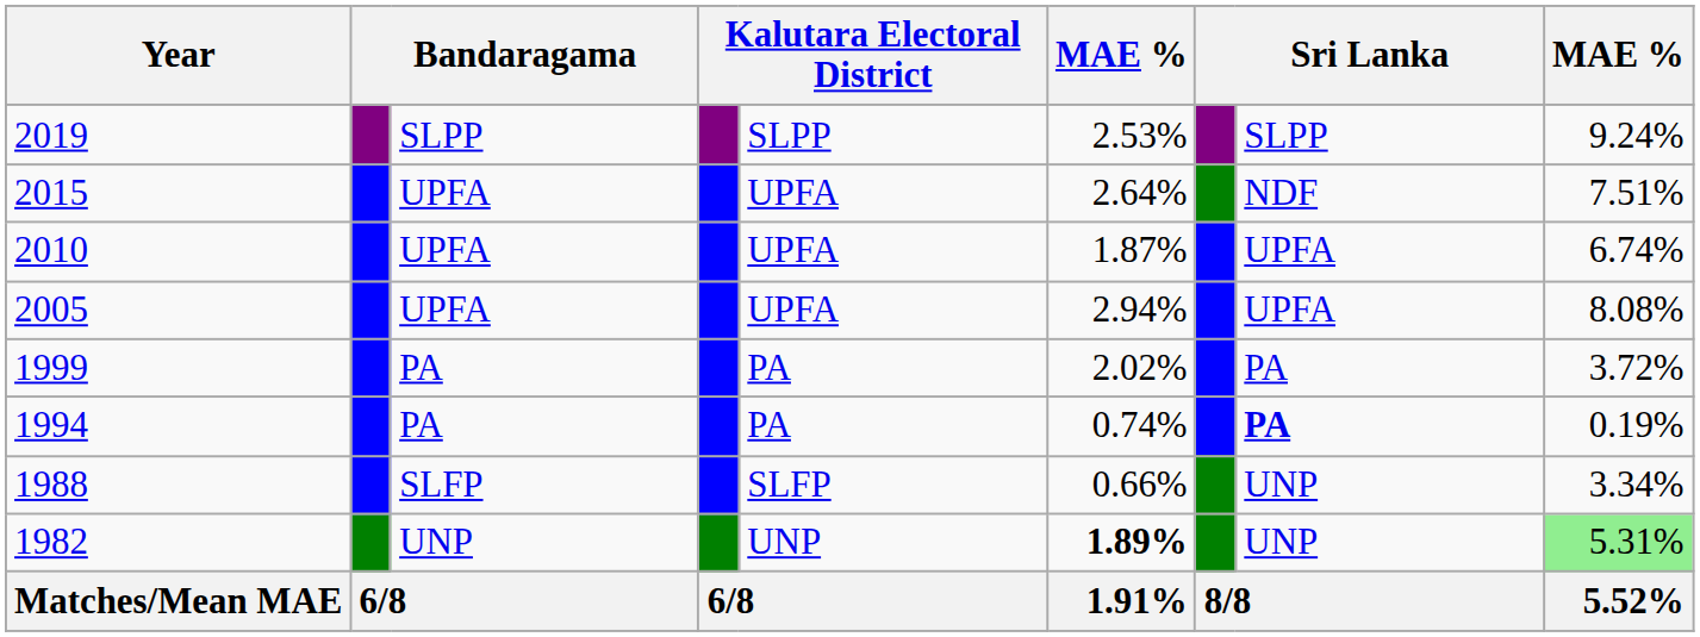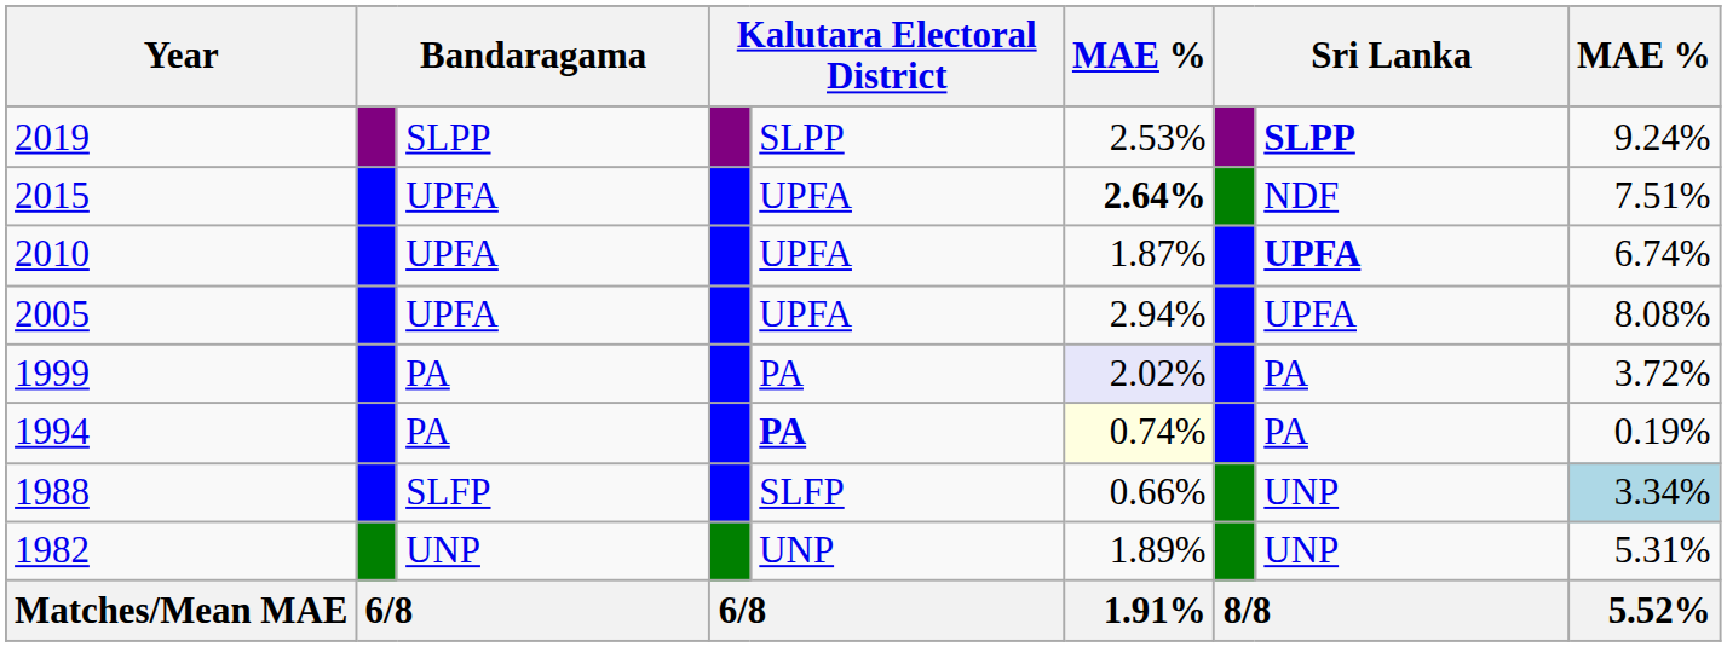 <table class="wikitable">
 <tr>
 <th>Year</th>
 <th colspan="2" width="144px">Bandaragama</th>
 <th colspan="2" width="144px"><a href='#'>Kalutara Electoral District</a></th>
 <th><a href='#'>MAE</a> %</th>
 <th colspan="2" width="144px">Sri Lanka</th>
 <th>MAE %</th>
 </tr>
 <tr>
 <td><a href='#'>2019</a></td>
 <td style="background-color:purple;" width="10px"></td>
 <td style="text-align:left;"><a href='#'>SLPP</a></td>
 <td style="background-color:purple;" width="10px"></td>
 <td style="text-align:left;"><a href='#'>SLPP</a></td>
 <td style="text-align:right;">2.53%</td>
 <td style="background-color:purple;" width="10px"></td>
-<td style="text-align:left;"><a href='#'>SLPP</a></td>
+<td style="text-align:left;"><strong><a href='#'>SLPP</a></strong></td>
 <td style="text-align:right;">9.24%</td>
 </tr>
 <tr>
 <td><a href='#'>2015</a></td>
 <td style="background-color:blue;" width="10px"></td>
 <td style="text-align:left;"><a href='#'>UPFA</a></td>
 <td style="background-color:blue;" width="10px"></td>
 <td style="text-align:left;"><a href='#'>UPFA</a></td>
-<td style="text-align:right;">2.64%</td>
+<td style="text-align:right;"><strong>2.64%</strong></td>
 <td style="background-color:green;" width="10px"></td>
 <td style="text-align:left;"><a href='#'>NDF</a></td>
 <td style="text-align:right;">7.51%</td>
 </tr>
 <tr>
 <td><a href='#'>2010</a></td>
 <td style="background-color:blue;" width="10px"></td>
 <td style="text-align:left;"><a href='#'>UPFA</a></td>
 <td style="background-color:blue;" width="10px"></td>
 <td style="text-align:left;"><a href='#'>UPFA</a></td>
 <td style="text-align:right;">1.87%</td>
 <td style="background-color:blue;" width="10px"></td>
-<td style="text-align:left;"><a href='#'>UPFA</a></td>
+<td style="text-align:left;"><strong><a href='#'>UPFA</a></strong></td>
 <td style="text-align:right;">6.74%</td>
 </tr>
 <tr>
 <td><a href='#'>2005</a></td>
 <td style="background-color:blue;" width="10px"></td>
 <td style="text-align:left;"><a href='#'>UPFA</a></td>
 <td style="background-color:blue;" width="10px"></td>
 <td style="text-align:left;"><a href='#'>UPFA</a></td>
 <td style="text-align:right;">2.94%</td>
 <td style="background-color:blue;" width="10px"></td>
 <td style="text-align:left;"><a href='#'>UPFA</a></td>
 <td style="text-align:right;">8.08%</td>
 </tr>
 <tr>
 <td><a href='#'>1999</a></td>
 <td style="background-color:blue;" width="10px"></td>
 <td style="text-align:left;"><a href='#'>PA</a></td>
 <td style="background-color:blue;" width="10px"></td>
 <td style="text-align:left;"><a href='#'>PA</a></td>
-<td style="text-align:right;">2.02%</td>
+<td style="background: lavender; text-align:right;">2.02%</td>
 <td style="background-color:blue;" width="10px"></td>
 <td style="text-align:left;"><a href='#'>PA</a></td>
 <td style="text-align:right;">3.72%</td>
 </tr>
 <tr>
 <td><a href='#'>1994</a></td>
 <td style="background-color:blue;" width="10px"></td>
 <td style="text-align:left;"><a href='#'>PA</a></td>
 <td style="background-color:blue;" width="10px"></td>
+<td style="text-align:left;"><strong><a href='#'>PA</a></strong></td>
+<td style="background: lightyellow; text-align:right;">0.74%</td>
+<td style="background-color:blue;" width="10px"></td>
 <td style="text-align:left;"><a href='#'>PA</a></td>
-<td style="text-align:right;">0.74%</td>
-<td style="background-color:blue;" width="10px"></td>
-<td style="text-align:left;"><strong><a href='#'>PA</a></strong></td>
 <td style="text-align:right;">0.19%</td>
 </tr>
 <tr>
 <td><a href='#'>1988</a></td>
 <td style="background-color:blue;" width="10px"></td>
 <td style="text-align:left;"><a href='#'>SLFP</a></td>
 <td style="background-color:blue;" width="10px"></td>
 <td style="text-align:left;"><a href='#'>SLFP</a></td>
 <td style="text-align:right;">0.66%</td>
 <td style="background-color:green;" width="10px"></td>
 <td style="text-align:left;"><a href='#'>UNP</a></td>
-<td style="text-align:right;">3.34%</td>
+<td style="background: lightblue; text-align:right;">3.34%</td>
 </tr>
 <tr>
 <td><a href='#'>1982</a></td>
 <td style="background-color:green;" width="10px"></td>
 <td style="text-align:left;"><a href='#'>UNP</a></td>
 <td style="background-color:green;" width="10px"></td>
 <td style="text-align:left;"><a href='#'>UNP</a></td>
-<td style="text-align:right;"><strong>1.89%</strong></td>
+<td style="text-align:right;">1.89%</td>
 <td style="background-color:green;" width="10px"></td>
 <td style="text-align:left;"><a href='#'>UNP</a></td>
-<td style="background: lightgreen; text-align:right;">5.31%</td>
+<td style="text-align:right;">5.31%</td>
 </tr>
 <tr>
 <th>Matches/Mean MAE</th>
 <th style="text-align:left;"colspan="2" width="144px">6/8</th>
 <th style="text-align:left;"colspan="2" width="144px">6/8</th>
 <th style="text-align:right;">1.91%</th>
 <th style="text-align:left;"colspan="2" width="144px">8/8</th>
 <th style="text-align:right;">5.52%</th>
 </tr>
 </table>
